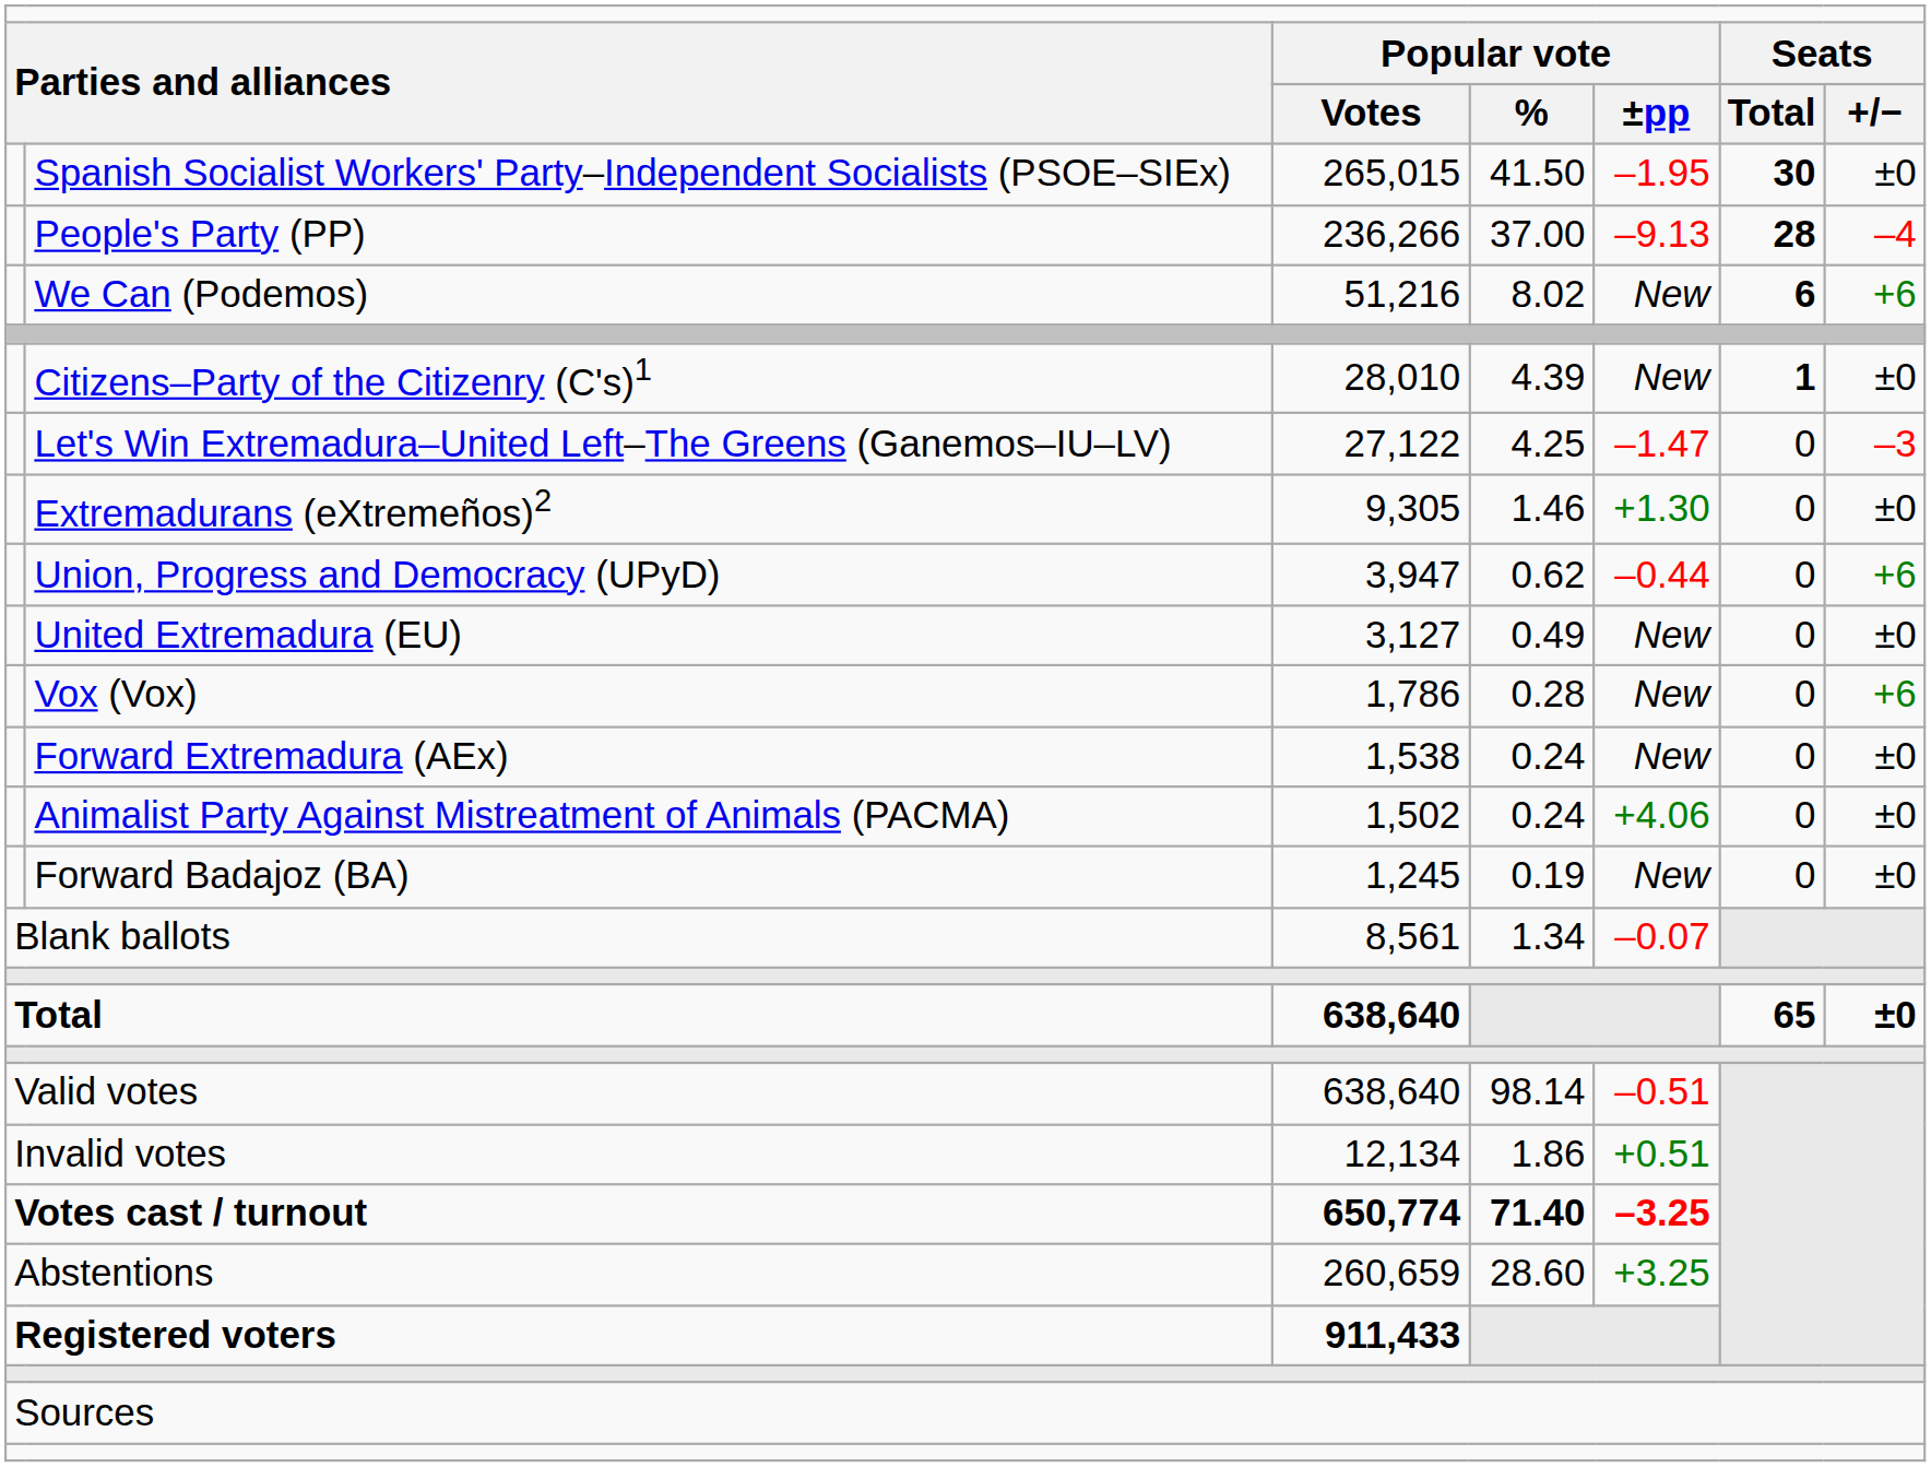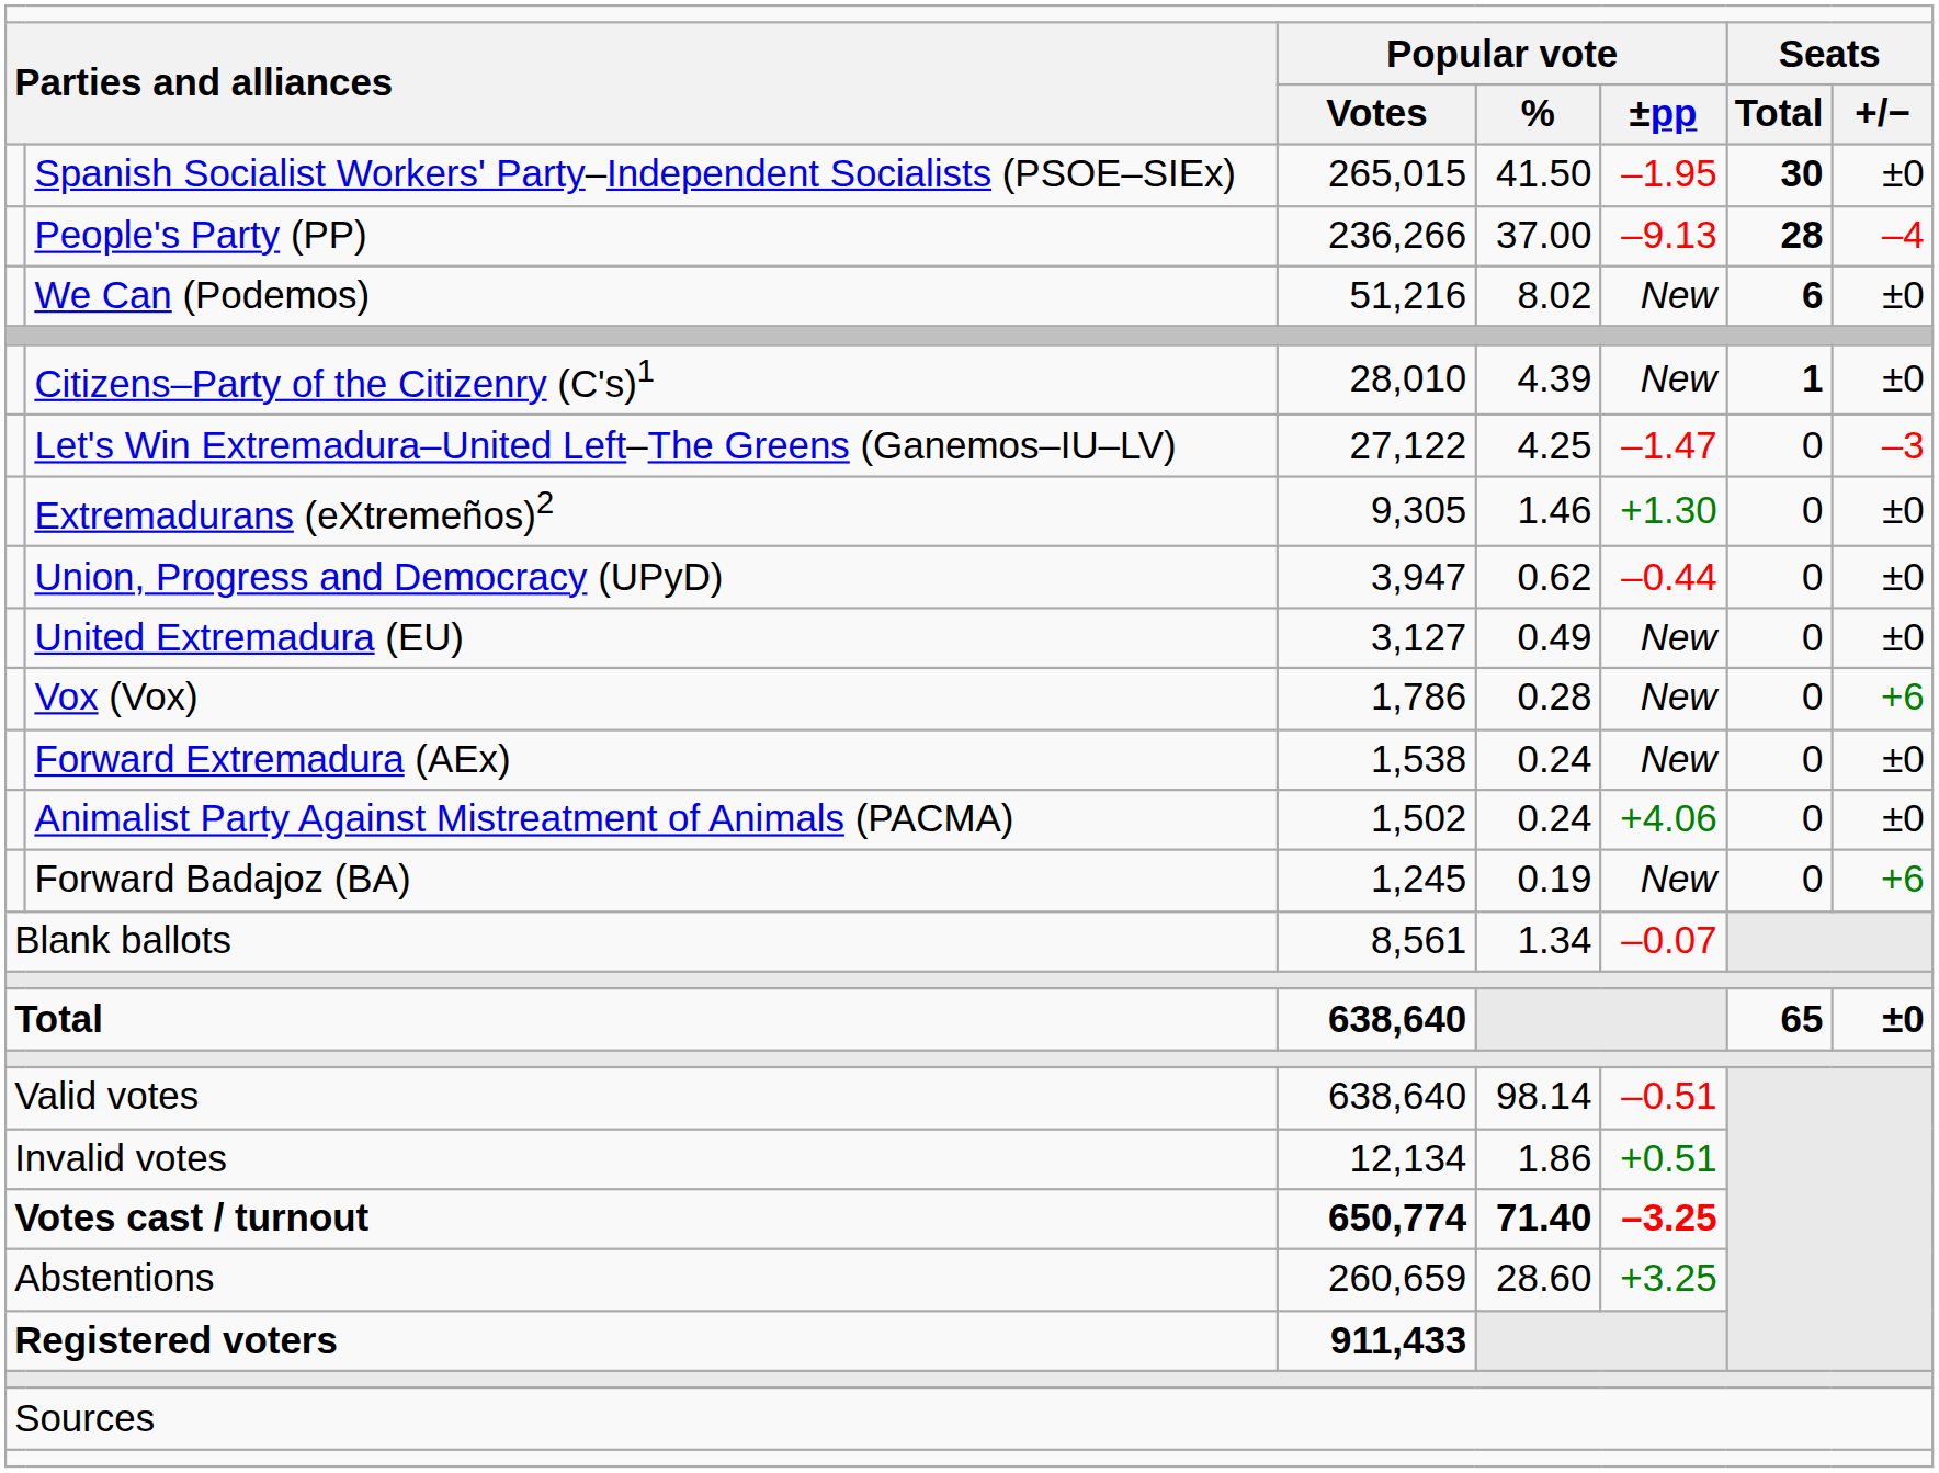 <table class="wikitable" style="text-align:right;">
 <tr>
 <td colspan="7"></td>
 </tr>
 <tr>
 <th style="text-align:left;" rowspan="2" colspan="2" width="525">Parties and alliances</th>
 <th colspan="3">Popular vote</th>
 <th colspan="2">Seats</th>
 </tr>
 <tr>
 <th width="75">Votes</th>
 <th width="45">%</th>
 <th width="45">±<a href='#'>pp</a></th>
 <th width="35">Total</th>
 <th width="35">+/−</th>
 </tr>
 <tr>
 <td width="1" style="color:inherit;background:"></td>
 <td align="left"><a href='#'>Spanish Socialist Workers' Party</a>–<a href='#'>Independent Socialists</a> (PSOE–SIEx)</td>
 <td>265,015</td>
 <td>41.50</td>
 <td style="color:red;">–1.95</td>
 <td><strong>30</strong></td>
 <td>±0</td>
 </tr>
 <tr>
 <td style="color:inherit;background:"></td>
 <td align="left"><a href='#'>People's Party</a> (PP)</td>
 <td>236,266</td>
 <td>37.00</td>
 <td style="color:red;">–9.13</td>
 <td><strong>28</strong></td>
 <td style="color:red;">–4</td>
 </tr>
 <tr>
 <td style="color:inherit;background:"></td>
 <td align="left"><a href='#'>We Can</a> (Podemos)</td>
 <td>51,216</td>
 <td>8.02</td>
 <td><em>New</em></td>
 <td><strong>6</strong></td>
-<td style="color:green;">+6</td>
+<td>±0</td>
 </tr>
 <tr>
 <td colspan="7" bgcolor="#C0C0C0"></td>
 </tr>
 <tr>
 <td style="color:inherit;background:"></td>
 <td align="left"><a href='#'>Citizens–Party of the Citizenry</a> (C's)<sup>1</sup></td>
 <td>28,010</td>
 <td>4.39</td>
 <td><em>New</em></td>
 <td><strong>1</strong></td>
 <td>±0</td>
 </tr>
 <tr>
 <td style="color:inherit;background:"></td>
 <td align="left"><a href='#'>Let's Win Extremadura–United Left</a>–<a href='#'>The Greens</a> (Ganemos–IU–LV)</td>
 <td>27,122</td>
 <td>4.25</td>
 <td style="color:red;">–1.47</td>
 <td>0</td>
 <td style="color:red;">–3</td>
 </tr>
 <tr>
 <td style="color:inherit;background:"></td>
 <td align="left"><a href='#'>Extremadurans</a> (eXtremeños)<sup>2</sup></td>
 <td>9,305</td>
 <td>1.46</td>
 <td style="color:green;">+1.30</td>
 <td>0</td>
 <td>±0</td>
 </tr>
 <tr>
 <td style="color:inherit;background:"></td>
 <td align="left"><a href='#'>Union, Progress and Democracy</a> (UPyD)</td>
 <td>3,947</td>
 <td>0.62</td>
 <td style="color:red;">–0.44</td>
 <td>0</td>
-<td style="color:green;">+6</td>
+<td>±0</td>
 </tr>
 <tr>
 <td style="color:inherit;background:"></td>
 <td align="left"><a href='#'>United Extremadura</a> (EU)</td>
 <td>3,127</td>
 <td>0.49</td>
 <td><em>New</em></td>
 <td>0</td>
 <td>±0</td>
 </tr>
 <tr>
 <td style="color:inherit;background:"></td>
 <td align="left"><a href='#'>Vox</a> (Vox)</td>
 <td>1,786</td>
 <td>0.28</td>
 <td><em>New</em></td>
 <td>0</td>
 <td style="color:green;">+6</td>
 </tr>
 <tr>
 <td style="color:inherit;background:"></td>
 <td align="left"><a href='#'>Forward Extremadura</a> (AEx)</td>
 <td>1,538</td>
 <td>0.24</td>
 <td><em>New</em></td>
 <td>0</td>
 <td>±0</td>
 </tr>
 <tr>
 <td style="color:inherit;background:"></td>
 <td align="left"><a href='#'>Animalist Party Against Mistreatment of Animals</a> (PACMA)</td>
 <td>1,502</td>
 <td>0.24</td>
 <td style="color:green;">+4.06</td>
 <td>0</td>
 <td>±0</td>
 </tr>
 <tr>
 <td style="color:inherit;background:"></td>
 <td align="left">Forward Badajoz (BA)</td>
 <td>1,245</td>
 <td>0.19</td>
 <td><em>New</em></td>
 <td>0</td>
-<td>±0</td>
+<td style="color:green;">+6</td>
 </tr>
 <tr>
 <td align="left" colspan="2">Blank ballots</td>
 <td>8,561</td>
 <td>1.34</td>
 <td style="color:red;">–0.07</td>
 <td bgcolor="#E9E9E9" colspan="2"></td>
 </tr>
 <tr>
 <td colspan="7" bgcolor="#E9E9E9"></td>
 </tr>
 <tr style="font-weight:bold;">
 <td align="left" colspan="2">Total</td>
 <td>638,640</td>
 <td bgcolor="#E9E9E9" colspan="2"></td>
 <td>65</td>
 <td>±0</td>
 </tr>
 <tr>
 <td colspan="7" bgcolor="#E9E9E9"></td>
 </tr>
 <tr>
 <td align="left" colspan="2">Valid votes</td>
 <td>638,640</td>
 <td>98.14</td>
 <td style="color:red;">–0.51</td>
 <td bgcolor="#E9E9E9" colspan="2" rowspan="5"></td>
 </tr>
 <tr>
 <td align="left" colspan="2">Invalid votes</td>
 <td>12,134</td>
 <td>1.86</td>
 <td style="color:green;">+0.51</td>
 </tr>
 <tr style="font-weight:bold;">
 <td align="left" colspan="2">Votes cast / turnout</td>
 <td>650,774</td>
 <td>71.40</td>
 <td style="color:red;">–3.25</td>
 </tr>
 <tr>
 <td align="left" colspan="2">Abstentions</td>
 <td>260,659</td>
 <td>28.60</td>
 <td style="color:green;">+3.25</td>
 </tr>
 <tr style="font-weight:bold;">
 <td align="left" colspan="2">Registered voters</td>
 <td>911,433</td>
 <td bgcolor="#E9E9E9" colspan="2"></td>
 </tr>
 <tr>
 <td colspan="7" bgcolor="#E9E9E9"></td>
 </tr>
 <tr>
 <td align="left" colspan="7">Sources</td>
 </tr>
 <tr>
 <td colspan="7" style="text-align:left; max-width:790px;"></td>
 </tr>
 </table>
